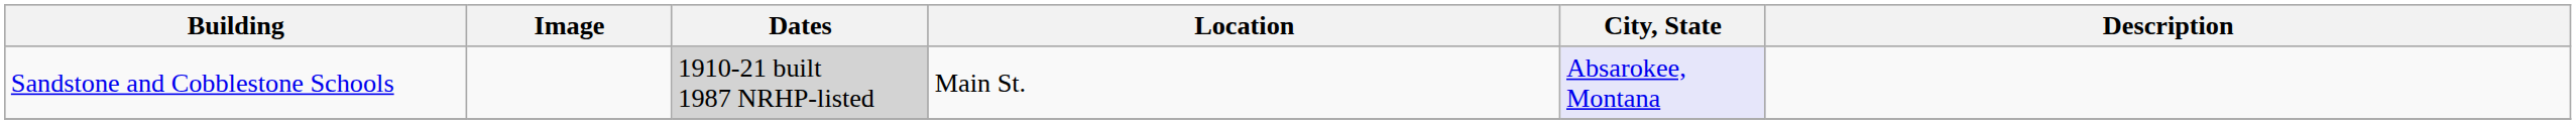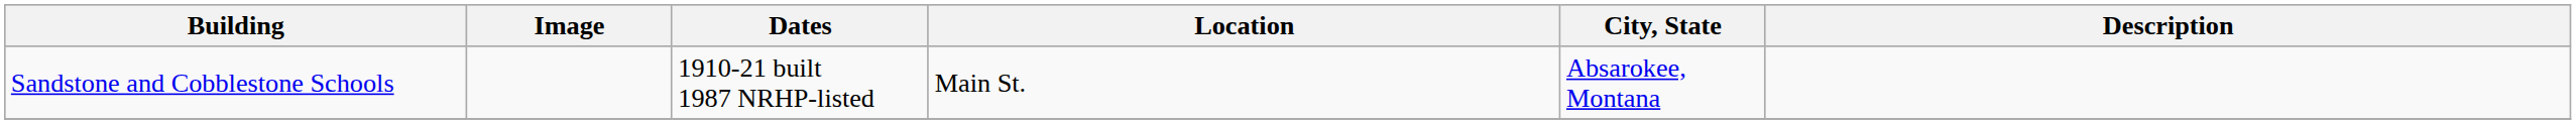 <table class="wikitable sortable" style="width:98%">
 <tr>
 <th width = 18%><strong>Building</strong></th>
 <th width = 8% class="unsortable"><strong>Image</strong></th>
 <th width = 10%><strong>Dates</strong></th>
 <th><strong>Location</strong></th>
 <th width = 8%><strong>City, State</strong></th>
 <th class="unsortable"><strong>Description</strong></th>
 </tr>
 <tr>
 <td><a href='#'>Sandstone and Cobblestone Schools</a></td>
 <td></td>
-<td style="background: lightgrey;">1910-21 built<br>1987 NRHP-listed</td>
+<td>1910-21 built<br>1987 NRHP-listed</td>
 <td>Main St.<br><small></small></td>
-<td style="background: lavender;"><a href='#'>Absarokee, Montana</a></td>
+<td><a href='#'>Absarokee, Montana</a></td>
 <td></td>
 </tr>
 <tr>
 </tr>
 </table>
